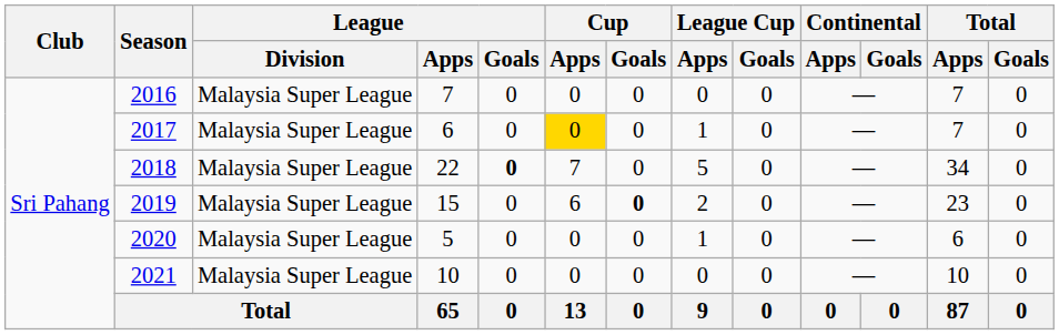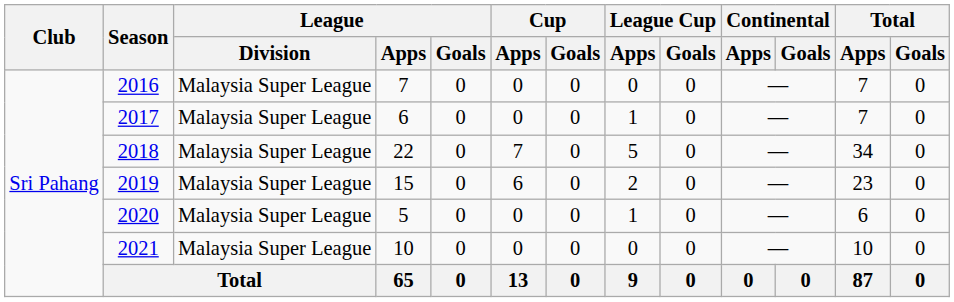 <table class=wikitable style="text-align: center">
 <tr>
 <th rowspan=2>Club</th>
 <th rowspan=2>Season</th>
 <th colspan=3>League</th>
 <th colspan=2>Cup</th>
 <th colspan=2>League Cup</th>
 <th colspan=2>Continental</th>
 <th colspan=2>Total</th>
 </tr>
 <tr>
 <th>Division</th>
 <th>Apps</th>
 <th>Goals</th>
 <th>Apps</th>
 <th>Goals</th>
 <th>Apps</th>
 <th>Goals</th>
 <th>Apps</th>
 <th>Goals</th>
 <th>Apps</th>
 <th>Goals</th>
 </tr>
 <tr>
 <td rowspan=7><a href='#'>Sri Pahang</a></td>
 <td><a href='#'>2016</a></td>
 <td>Malaysia Super League</td>
 <td>7</td>
 <td>0</td>
 <td>0</td>
 <td>0</td>
 <td>0</td>
 <td>0</td>
 <td colspan="2">—</td>
 <td>7</td>
 <td>0</td>
 </tr>
 <tr>
 <td><a href='#'>2017</a></td>
 <td>Malaysia Super League</td>
 <td>6</td>
 <td>0</td>
-<td style="background: gold;">0</td>
+<td>0</td>
 <td>0</td>
 <td>1</td>
 <td>0</td>
 <td colspan="2">—</td>
 <td>7</td>
 <td>0</td>
 </tr>
 <tr>
 <td><a href='#'>2018</a></td>
 <td>Malaysia Super League</td>
 <td>22</td>
-<td><strong>0</strong></td>
+<td>0</td>
 <td>7</td>
 <td>0</td>
 <td>5</td>
 <td>0</td>
 <td colspan="2">—</td>
 <td>34</td>
 <td>0</td>
 </tr>
 <tr>
 <td><a href='#'>2019</a></td>
 <td>Malaysia Super League</td>
 <td>15</td>
 <td>0</td>
 <td>6</td>
-<td><strong>0</strong></td>
+<td>0</td>
 <td>2</td>
 <td>0</td>
 <td colspan="2">—</td>
 <td>23</td>
 <td>0</td>
 </tr>
 <tr>
 <td><a href='#'>2020</a></td>
 <td>Malaysia Super League</td>
 <td>5</td>
 <td>0</td>
 <td>0</td>
 <td>0</td>
 <td>1</td>
 <td>0</td>
 <td colspan="2">—</td>
 <td>6</td>
 <td>0</td>
 </tr>
 <tr>
 <td><a href='#'>2021</a></td>
 <td>Malaysia Super League</td>
 <td>10</td>
 <td>0</td>
 <td>0</td>
 <td>0</td>
 <td>0</td>
 <td>0</td>
 <td colspan="2">—</td>
 <td>10</td>
 <td>0</td>
 </tr>
 <tr>
 <th colspan=2>Total</th>
 <th>65</th>
 <th>0</th>
 <th>13</th>
 <th>0</th>
 <th>9</th>
 <th>0</th>
 <th>0</th>
 <th>0</th>
 <th>87</th>
 <th>0</th>
 </tr>
 </table>
